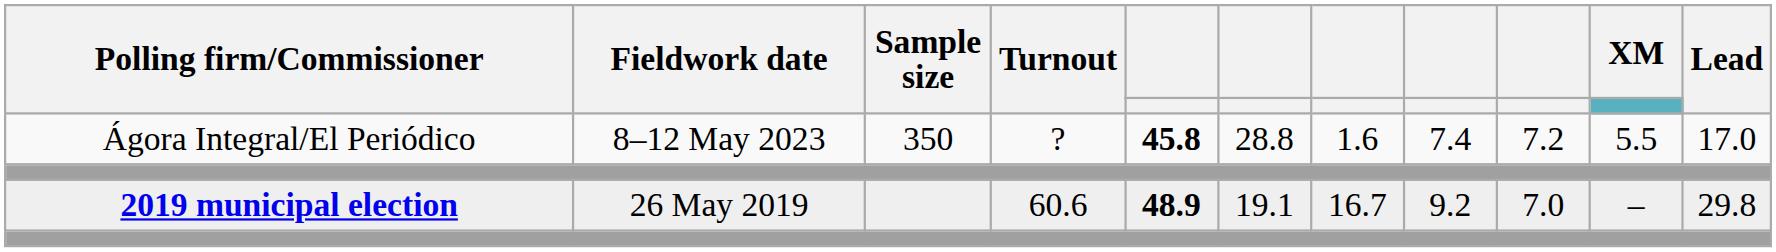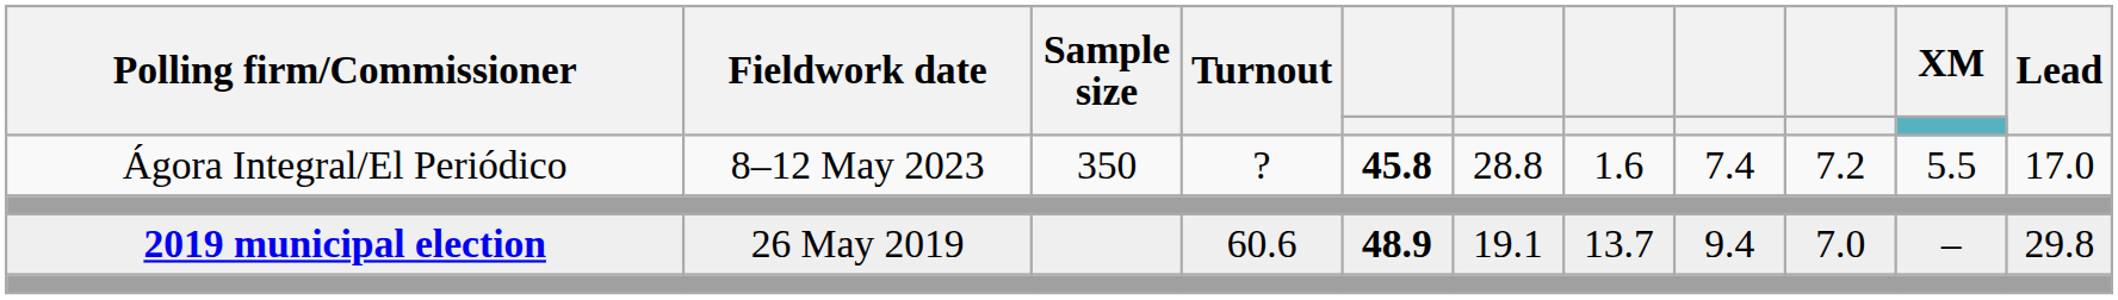 <table class="wikitable collapsible collapsed" style="text-align:center; font-size:95%; line-height:16px;">
 <tr style="height:42px;">
 <th style="width:250px;" rowspan="2">Polling firm/Commissioner</th>
 <th style="width:125px;" rowspan="2">Fieldwork date</th>
 <th style="width:50px;" rowspan="2">Sample size</th>
 <th style="width:45px;" rowspan="2">Turnout</th>
 <th style="width:35px;"></th>
 <th style="width:35px;"></th>
 <th style="width:35px;"></th>
 <th style="width:35px;"></th>
 <th style="width:35px;"></th>
 <th style="width:35px;">XM</th>
 <th style="width:30px;" rowspan="2">Lead</th>
 </tr>
 <tr>
 <th style="color:inherit;background:"></th>
 <th style="color:inherit;background:"></th>
 <th style="color:inherit;background:"></th>
 <th style="color:inherit;background:"></th>
 <th style="color:inherit;background:"></th>
 <th style="color:inherit;background:#58B1BF;"></th>
 </tr>
 <tr>
 <td>Ágora Integral/El Periódico</td>
 <td>8–12 May 2023</td>
 <td>350</td>
 <td>?</td>
 <td><strong>45.8</strong><br></td>
 <td>28.8<br></td>
 <td>1.6<br></td>
 <td>7.4<br></td>
 <td>7.2<br></td>
 <td>5.5<br></td>
 <td style="background:">17.0</td>
 </tr>
 <tr>
 <td colspan="12" style="background:#A0A0A0"></td>
 </tr>
 <tr style="background:#EFEFEF;">
 <td><strong><a href='#'>2019 municipal election</a></strong></td>
 <td>26 May 2019</td>
 <td></td>
 <td>60.6</td>
 <td><strong>48.9</strong><br></td>
 <td>19.1<br></td>
-<td>16.7<br></td>
-<td>9.2<br></td>
+<td>13.7<br></td>
+<td>9.4<br></td>
 <td>7.0<br></td>
 <td>–</td>
 <td style="background:">29.8</td>
 </tr>
 <tr>
 <td colspan="12" style="background:#A0A0A0"></td>
 </tr>
 </table>
